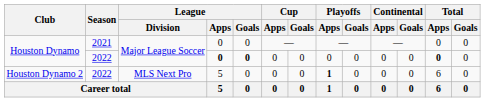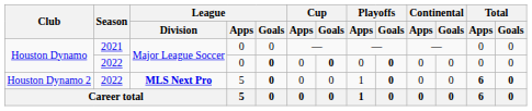 <table class=wikitable style=text-align:center>
 <tr>
 <th rowspan=2>Club</th>
 <th rowspan=2>Season</th>
 <th colspan=3>League</th>
 <th colspan=2>Cup</th>
 <th colspan="2">Playoffs</th>
 <th colspan="2">Continental</th>
 <th colspan=2>Total</th>
 </tr>
 <tr>
 <th>Division</th>
 <th>Apps</th>
 <th>Goals</th>
 <th>Apps</th>
 <th>Goals</th>
 <th>Apps</th>
 <th>Goals</th>
 <th>Apps</th>
 <th>Goals</th>
 <th>Apps</th>
 <th>Goals</th>
 </tr>
 <tr>
 <td rowspan="2"><a href='#'>Houston Dynamo</a></td>
 <td><a href='#'>2021</a></td>
 <td rowspan="2"><a href='#'>Major League Soccer</a></td>
 <td>0</td>
 <td>0</td>
 <td colspan="2">—</td>
 <td colspan="2">—</td>
 <td colspan="2">—</td>
 <td>0</td>
 <td>0</td>
 </tr>
 <tr>
 <td><a href='#'>2022</a></td>
+<td>0</td>
 <td><strong>0</strong></td>
+<td>0</td>
+<td><strong>0</strong></td>
+<td>0</td>
 <td><strong>0</strong></td>
 <td>0</td>
 <td>0</td>
 <td>0</td>
 <td>0</td>
-<td>0</td>
-<td>0</td>
-<td><strong>0</strong></td>
-<td>0</td>
 </tr>
 <tr>
 <td><a href='#'>Houston Dynamo 2</a></td>
 <td><a href='#'>2022</a></td>
-<td><a href='#'>MLS Next Pro</a></td>
+<td><strong><a href='#'>MLS Next Pro</a></strong></td>
 <td>5</td>
+<td><strong>0</strong></td>
 <td>0</td>
 <td>0</td>
-<td>0</td>
-<td><strong>1</strong></td>
+<td>1</td>
+<td><strong>0</strong></td>
 <td>0</td>
 <td>0</td>
-<td>0</td>
-<td>6</td>
-<td>0</td>
+<td><strong>6</strong></td>
+<td><strong>0</strong></td>
 </tr>
 <tr>
 <th colspan="3">Career total</th>
 <th>5</th>
 <th>0</th>
 <th>0</th>
 <th>0</th>
 <th>1</th>
 <th>0</th>
 <th>0</th>
 <th>0</th>
 <th>6</th>
 <th>0</th>
 </tr>
 </table>
